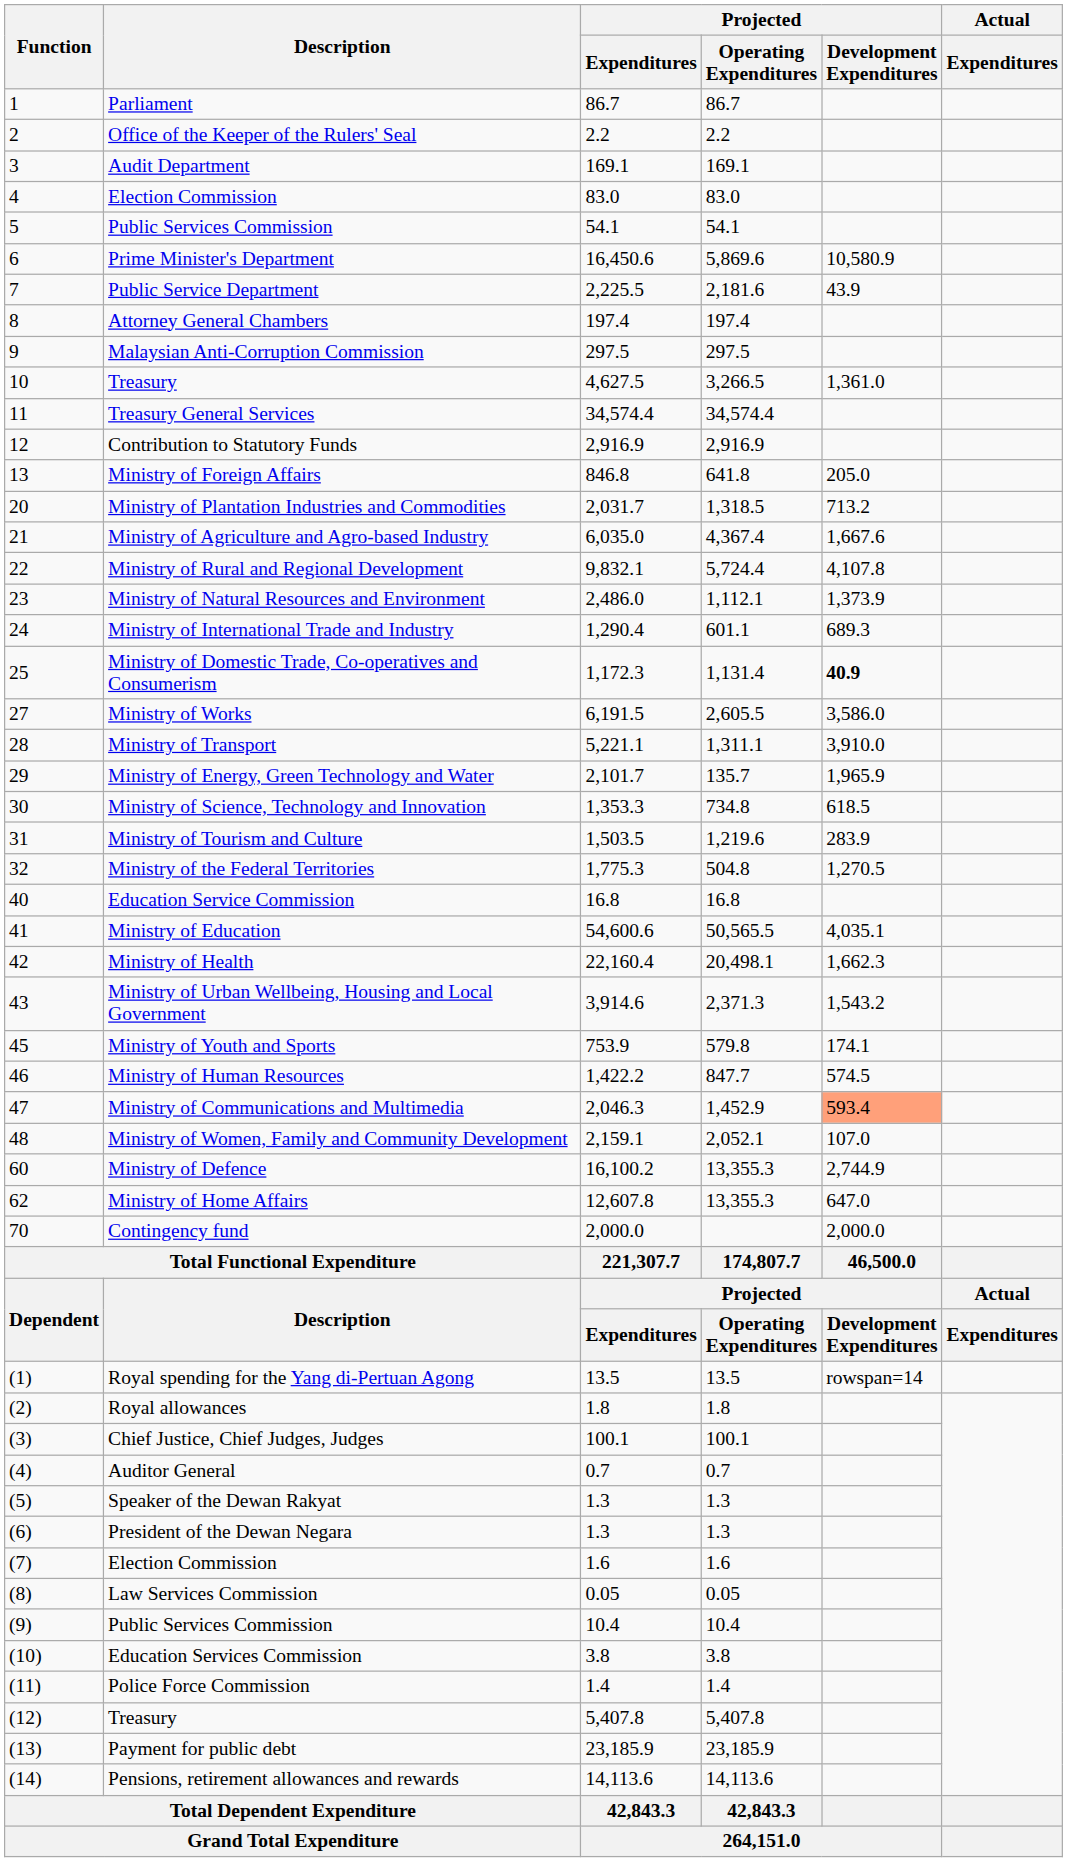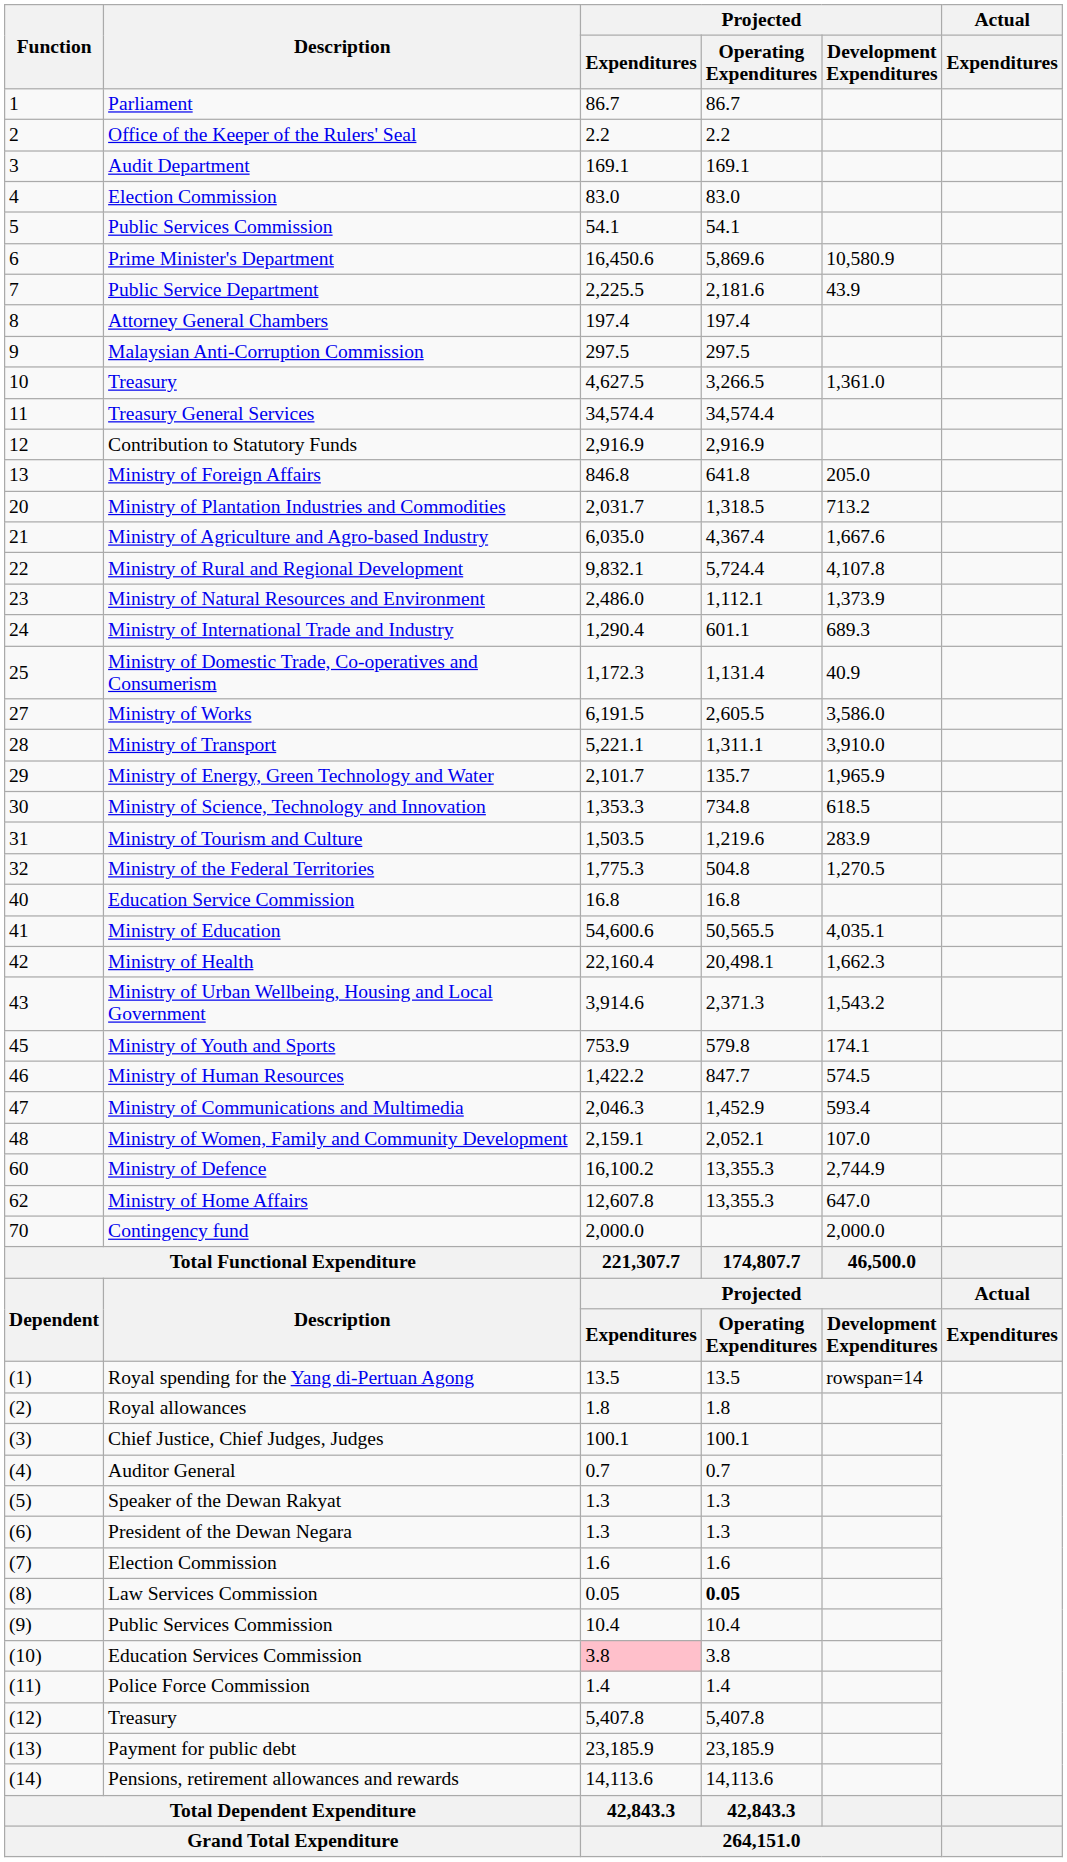 <table class="wikitable sortable">
 <tr>
 <th rowspan=2 data-sort-type="number">Function</th>
 <th rowspan=2>Description</th>
 <th colspan=3>Projected</th>
 <th>Actual</th>
 </tr>
 <tr>
 <th data-sort-type="number">Expenditures</th>
 <th data-sort-type="number">Operating<br>Expenditures</th>
 <th data-sort-type="number">Development<br>Expenditures</th>
 <th data-sort-type="number">Expenditures</th>
 </tr>
 <tr>
 <td>1</td>
 <td><a href='#'>Parliament</a></td>
 <td>86.7</td>
 <td>86.7</td>
 <td></td>
 <td></td>
 </tr>
 <tr>
 <td>2</td>
 <td><a href='#'>Office of the Keeper of the Rulers' Seal</a></td>
 <td>2.2</td>
 <td>2.2</td>
 <td></td>
 <td></td>
 </tr>
 <tr>
 <td>3</td>
 <td><a href='#'>Audit Department</a></td>
 <td>169.1</td>
 <td>169.1</td>
 <td></td>
 <td></td>
 </tr>
 <tr>
 <td>4</td>
 <td><a href='#'>Election Commission</a></td>
 <td>83.0</td>
 <td>83.0</td>
 <td></td>
 <td></td>
 </tr>
 <tr>
 <td>5</td>
 <td><a href='#'>Public Services Commission</a></td>
 <td>54.1</td>
 <td>54.1</td>
 <td></td>
 <td></td>
 </tr>
 <tr>
 <td>6</td>
 <td><a href='#'>Prime Minister's Department</a></td>
 <td>16,450.6</td>
 <td>5,869.6</td>
 <td>10,580.9</td>
 <td></td>
 </tr>
 <tr>
 <td>7</td>
 <td><a href='#'>Public Service Department</a></td>
 <td>2,225.5</td>
 <td>2,181.6</td>
 <td>43.9</td>
 <td></td>
 </tr>
 <tr>
 <td>8</td>
 <td><a href='#'>Attorney General Chambers</a></td>
 <td>197.4</td>
 <td>197.4</td>
 <td></td>
 <td></td>
 </tr>
 <tr>
 <td>9</td>
 <td><a href='#'>Malaysian Anti-Corruption Commission</a></td>
 <td>297.5</td>
 <td>297.5</td>
 <td></td>
 <td></td>
 </tr>
 <tr>
 <td>10</td>
 <td><a href='#'>Treasury</a></td>
 <td>4,627.5</td>
 <td>3,266.5</td>
 <td>1,361.0</td>
 <td></td>
 </tr>
 <tr>
 <td>11</td>
 <td><a href='#'>Treasury General Services</a></td>
 <td>34,574.4</td>
 <td>34,574.4</td>
 <td></td>
 <td></td>
 </tr>
 <tr>
 <td>12</td>
 <td>Contribution to Statutory Funds</td>
 <td>2,916.9</td>
 <td>2,916.9</td>
 <td></td>
 <td></td>
 </tr>
 <tr>
 <td>13</td>
 <td><a href='#'>Ministry of Foreign Affairs</a></td>
 <td>846.8</td>
 <td>641.8</td>
 <td>205.0</td>
 <td></td>
 </tr>
 <tr>
 <td>20</td>
 <td><a href='#'>Ministry of Plantation Industries and Commodities</a></td>
 <td>2,031.7</td>
 <td>1,318.5</td>
 <td>713.2</td>
 <td></td>
 </tr>
 <tr>
 <td>21</td>
 <td><a href='#'>Ministry of Agriculture and Agro-based Industry</a></td>
 <td>6,035.0</td>
 <td>4,367.4</td>
 <td>1,667.6</td>
 <td></td>
 </tr>
 <tr>
 <td>22</td>
 <td><a href='#'>Ministry of Rural and Regional Development</a></td>
 <td>9,832.1</td>
 <td>5,724.4</td>
 <td>4,107.8</td>
 <td></td>
 </tr>
 <tr>
 <td>23</td>
 <td><a href='#'>Ministry of Natural Resources and Environment</a></td>
 <td>2,486.0</td>
 <td>1,112.1</td>
 <td>1,373.9</td>
 <td></td>
 </tr>
 <tr>
 <td>24</td>
 <td><a href='#'>Ministry of International Trade and Industry</a></td>
 <td>1,290.4</td>
 <td>601.1</td>
 <td>689.3</td>
 <td></td>
 </tr>
 <tr>
 <td>25</td>
 <td><a href='#'>Ministry of Domestic Trade, Co-operatives and Consumerism</a></td>
 <td>1,172.3</td>
 <td>1,131.4</td>
-<td><strong>40.9</strong></td>
+<td>40.9</td>
 <td></td>
 </tr>
 <tr>
 <td>27</td>
 <td><a href='#'>Ministry of Works</a></td>
 <td>6,191.5</td>
 <td>2,605.5</td>
 <td>3,586.0</td>
 <td></td>
 </tr>
 <tr>
 <td>28</td>
 <td><a href='#'>Ministry of Transport</a></td>
 <td>5,221.1</td>
 <td>1,311.1</td>
 <td>3,910.0</td>
 <td></td>
 </tr>
 <tr>
 <td>29</td>
 <td><a href='#'>Ministry of Energy, Green Technology and Water</a></td>
 <td>2,101.7</td>
 <td>135.7</td>
 <td>1,965.9</td>
 <td></td>
 </tr>
 <tr>
 <td>30</td>
 <td><a href='#'>Ministry of Science, Technology and Innovation</a></td>
 <td>1,353.3</td>
 <td>734.8</td>
 <td>618.5</td>
 <td></td>
 </tr>
 <tr>
 <td>31</td>
 <td><a href='#'>Ministry of Tourism and Culture</a></td>
 <td>1,503.5</td>
 <td>1,219.6</td>
 <td>283.9</td>
 <td></td>
 </tr>
 <tr>
 <td>32</td>
 <td><a href='#'>Ministry of the Federal Territories</a></td>
 <td>1,775.3</td>
 <td>504.8</td>
 <td>1,270.5</td>
 <td></td>
 </tr>
 <tr>
 <td>40</td>
 <td><a href='#'>Education Service Commission</a></td>
 <td>16.8</td>
 <td>16.8</td>
 <td></td>
 <td></td>
 </tr>
 <tr>
 <td>41</td>
 <td><a href='#'>Ministry of Education</a></td>
 <td>54,600.6</td>
 <td>50,565.5</td>
 <td>4,035.1</td>
 <td></td>
 </tr>
 <tr>
 <td>42</td>
 <td><a href='#'>Ministry of Health</a></td>
 <td>22,160.4</td>
 <td>20,498.1</td>
 <td>1,662.3</td>
 <td></td>
 </tr>
 <tr>
 <td>43</td>
 <td><a href='#'>Ministry of Urban Wellbeing, Housing and Local Government</a></td>
 <td>3,914.6</td>
 <td>2,371.3</td>
 <td>1,543.2</td>
 <td></td>
 </tr>
 <tr>
 <td>45</td>
 <td><a href='#'>Ministry of Youth and Sports</a></td>
 <td>753.9</td>
 <td>579.8</td>
 <td>174.1</td>
 <td></td>
 </tr>
 <tr>
 <td>46</td>
 <td><a href='#'>Ministry of Human Resources</a></td>
 <td>1,422.2</td>
 <td>847.7</td>
 <td>574.5</td>
 <td></td>
 </tr>
 <tr>
 <td>47</td>
 <td><a href='#'>Ministry of Communications and Multimedia</a></td>
 <td>2,046.3</td>
 <td>1,452.9</td>
-<td style="background: lightsalmon;">593.4</td>
+<td>593.4</td>
 <td></td>
 </tr>
 <tr>
 <td>48</td>
 <td><a href='#'>Ministry of Women, Family and Community Development</a></td>
 <td>2,159.1</td>
 <td>2,052.1</td>
 <td>107.0</td>
 <td></td>
 </tr>
 <tr>
 <td>60</td>
 <td><a href='#'>Ministry of Defence</a></td>
 <td>16,100.2</td>
 <td>13,355.3</td>
 <td>2,744.9</td>
 <td></td>
 </tr>
 <tr>
 <td>62</td>
 <td><a href='#'>Ministry of Home Affairs</a></td>
 <td>12,607.8</td>
 <td>13,355.3</td>
 <td>647.0</td>
 <td></td>
 </tr>
 <tr>
 <td>70</td>
 <td><a href='#'>Contingency fund</a></td>
 <td>2,000.0</td>
 <td></td>
 <td>2,000.0</td>
 <td></td>
 </tr>
 <tr>
 <th align=right colspan=2>Total Functional Expenditure</th>
 <th>221,307.7</th>
 <th>174,807.7</th>
 <th>46,500.0</th>
 <th></th>
 </tr>
 <tr>
 <th rowspan=2>Dependent</th>
 <th rowspan=2>Description</th>
 <th colspan=3>Projected</th>
 <th>Actual</th>
 </tr>
 <tr>
 <th>Expenditures</th>
 <th>Operating<br>Expenditures</th>
 <th>Development<br>Expenditures</th>
 <th>Expenditures</th>
 </tr>
 <tr>
 <td>(1)</td>
 <td>Royal spending for the <a href='#'>Yang di-Pertuan Agong</a></td>
 <td>13.5</td>
 <td>13.5</td>
 <td>rowspan=14 </td>
 <td></td>
 </tr>
 <tr>
 <td>(2)</td>
 <td>Royal allowances</td>
 <td>1.8</td>
 <td>1.8</td>
 <td></td>
 </tr>
 <tr>
 <td>(3)</td>
 <td>Chief Justice, Chief Judges, Judges</td>
 <td>100.1</td>
 <td>100.1</td>
 <td></td>
 </tr>
 <tr>
 <td>(4)</td>
 <td>Auditor General</td>
 <td>0.7</td>
 <td>0.7</td>
 <td></td>
 </tr>
 <tr>
 <td>(5)</td>
 <td>Speaker of the Dewan Rakyat</td>
 <td>1.3</td>
 <td>1.3</td>
 <td></td>
 </tr>
 <tr>
 <td>(6)</td>
 <td>President of the Dewan Negara</td>
 <td>1.3</td>
 <td>1.3</td>
 <td></td>
 </tr>
 <tr>
 <td>(7)</td>
 <td>Election Commission</td>
 <td>1.6</td>
 <td>1.6</td>
 <td></td>
 </tr>
 <tr>
 <td>(8)</td>
 <td>Law Services Commission</td>
 <td>0.05</td>
-<td>0.05</td>
+<td><strong>0.05</strong></td>
 <td></td>
 </tr>
 <tr>
 <td>(9)</td>
 <td>Public Services Commission</td>
 <td>10.4</td>
 <td>10.4</td>
 <td></td>
 </tr>
 <tr>
 <td>(10)</td>
 <td>Education Services Commission</td>
-<td>3.8</td>
+<td style="background: pink;">3.8</td>
 <td>3.8</td>
 <td></td>
 </tr>
 <tr>
 <td>(11)</td>
 <td>Police Force Commission</td>
 <td>1.4</td>
 <td>1.4</td>
 <td></td>
 </tr>
 <tr>
 <td>(12)</td>
 <td>Treasury</td>
 <td>5,407.8</td>
 <td>5,407.8</td>
 <td></td>
 </tr>
 <tr>
 <td>(13)</td>
 <td>Payment for public debt</td>
 <td>23,185.9</td>
 <td>23,185.9</td>
 <td></td>
 </tr>
 <tr>
 <td>(14)</td>
 <td>Pensions, retirement allowances and rewards</td>
 <td>14,113.6</td>
 <td>14,113.6</td>
 <td></td>
 </tr>
 <tr>
 <th align=right colspan=2>Total Dependent Expenditure</th>
 <th>42,843.3</th>
 <th>42,843.3</th>
 <th></th>
 <th></th>
 </tr>
 <tr>
 <th align=right colspan=2>Grand Total Expenditure</th>
 <th colspan=3>264,151.0</th>
 <th></th>
 </tr>
 </table>
